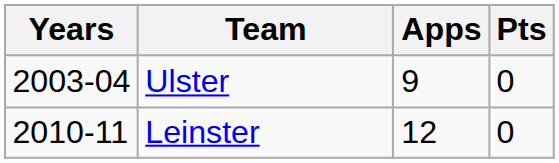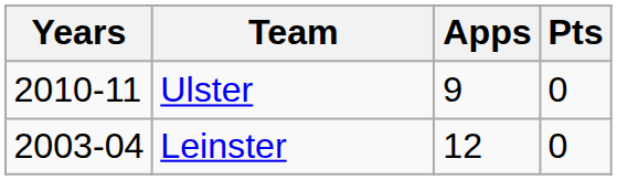 <table class="wikitable" style="text-align:left;">
 <tr>
 <th>Years</th>
 <th width=120px>Team</th>
 <th>Apps</th>
 <th>Pts</th>
 </tr>
 <tr>
-<td>2003-04</td>
+<td>2010-11</td>
 <td><a href='#'>Ulster</a></td>
 <td>9</td>
 <td>0</td>
 </tr>
 <tr>
-<td>2010-11</td>
+<td>2003-04</td>
 <td><a href='#'>Leinster</a></td>
 <td>12</td>
 <td>0</td>
 </tr>
 </table>
